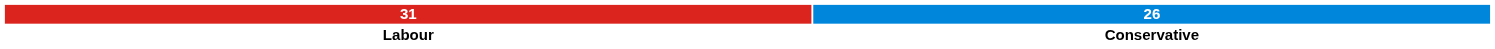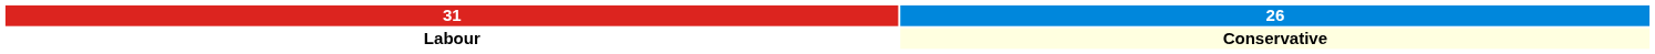 <table style="width:100%; text-align:center;">
 <tr style="color:white;">
 <td style="background:#dc241f; width:54.4%;"><strong>31</strong></td>
 <td style="background:#0087dc; width:45.6;"><strong>26</strong></td>
 </tr>
 <tr>
 <td><span><strong>Labour</strong></span></td>
-<td><span><strong>Conservative</strong></span></td>
+<td style="background: lightyellow;"><span><strong>Conservative</strong></span></td>
 </tr>
 </table>
